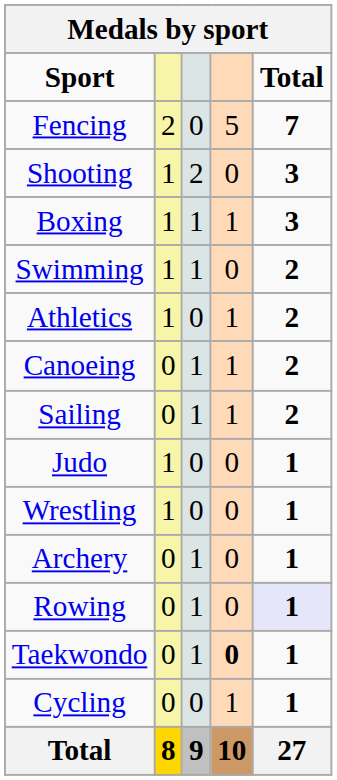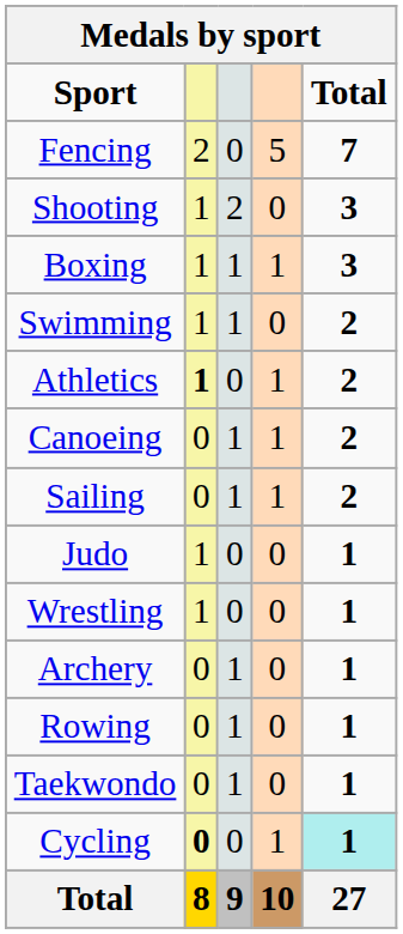 <table class="wikitable" style="font-size:95%">
 <tr style="background:#efefef;">
 <th colspan=7>Medals by sport</th>
 </tr>
 <tr style="text-align:center;">
 <td><strong>Sport</strong></td>
 <td bgcolor=#f7f6a8></td>
 <td bgcolor=#dce5e5></td>
 <td bgcolor=#ffdab9></td>
 <td><strong>Total</strong></td>
 </tr>
 <tr style="text-align:center;">
 <td><a href='#'>Fencing</a></td>
 <td style="background:#F7F6A8;">2</td>
 <td style="background:#DCE5E5;">0</td>
 <td style="background:#FFDAB9;">5</td>
 <td><strong>7</strong></td>
 </tr>
 <tr style="text-align:center;">
 <td><a href='#'>Shooting</a></td>
 <td style="background:#F7F6A8;">1</td>
 <td style="background:#DCE5E5;">2</td>
 <td style="background:#FFDAB9;">0</td>
 <td><strong>3</strong></td>
 </tr>
 <tr style="text-align:center;">
 <td><a href='#'>Boxing</a></td>
 <td style="background:#F7F6A8;">1</td>
 <td style="background:#DCE5E5;">1</td>
 <td style="background:#FFDAB9;">1</td>
 <td><strong>3</strong></td>
 </tr>
 <tr style="text-align:center;">
 <td><a href='#'>Swimming</a></td>
 <td style="background:#F7F6A8;">1</td>
 <td style="background:#DCE5E5;">1</td>
 <td style="background:#FFDAB9;">0</td>
 <td><strong>2</strong></td>
 </tr>
 <tr style="text-align:center;">
 <td><a href='#'>Athletics</a></td>
-<td style="background:#F7F6A8;">1</td>
+<td style="background:#F7F6A8;"><strong>1</strong></td>
 <td style="background:#DCE5E5;">0</td>
 <td style="background:#FFDAB9;">1</td>
 <td><strong>2</strong></td>
 </tr>
 <tr style="text-align:center;">
 <td><a href='#'>Canoeing</a></td>
 <td style="background:#F7F6A8;">0</td>
 <td style="background:#DCE5E5;">1</td>
 <td style="background:#FFDAB9;">1</td>
 <td><strong>2</strong></td>
 </tr>
 <tr style="text-align:center;">
 <td><a href='#'>Sailing</a></td>
 <td style="background:#F7F6A8;">0</td>
 <td style="background:#DCE5E5;">1</td>
 <td style="background:#FFDAB9;">1</td>
 <td><strong>2</strong></td>
 </tr>
 <tr style="text-align:center;">
 <td><a href='#'>Judo</a></td>
 <td style="background:#F7F6A8;">1</td>
 <td style="background:#DCE5E5;">0</td>
 <td style="background:#FFDAB9;">0</td>
 <td><strong>1</strong></td>
 </tr>
 <tr style="text-align:center;">
 <td><a href='#'>Wrestling</a></td>
 <td style="background:#F7F6A8;">1</td>
 <td style="background:#DCE5E5;">0</td>
 <td style="background:#FFDAB9;">0</td>
 <td><strong>1</strong></td>
 </tr>
 <tr style="text-align:center;">
 <td><a href='#'>Archery</a></td>
 <td style="background:#F7F6A8;">0</td>
 <td style="background:#DCE5E5;">1</td>
 <td style="background:#FFDAB9;">0</td>
 <td><strong>1</strong></td>
 </tr>
 <tr style="text-align:center;">
 <td><a href='#'>Rowing</a></td>
 <td style="background:#F7F6A8;">0</td>
 <td style="background:#DCE5E5;">1</td>
 <td style="background:#FFDAB9;">0</td>
-<td style="background: lavender;"><strong>1</strong></td>
+<td><strong>1</strong></td>
 </tr>
 <tr style="text-align:center;">
 <td><a href='#'>Taekwondo</a></td>
 <td style="background:#F7F6A8;">0</td>
 <td style="background:#DCE5E5;">1</td>
-<td style="background:#FFDAB9;"><strong>0</strong></td>
+<td style="background:#FFDAB9;">0</td>
 <td><strong>1</strong></td>
 </tr>
 <tr style="text-align:center;">
 <td><a href='#'>Cycling</a></td>
-<td style="background:#F7F6A8;">0</td>
+<td style="background:#F7F6A8;"><strong>0</strong></td>
 <td style="background:#DCE5E5;">0</td>
 <td style="background:#FFDAB9;">1</td>
-<td><strong>1</strong></td>
+<td style="background: paleturquoise;"><strong>1</strong></td>
 </tr>
 <tr style="text-align:center;">
 <th>Total</th>
 <th style="background:gold;">8</th>
 <th style="background:silver;">9</th>
 <th style="background:#c96;">10</th>
 <th>27</th>
 </tr>
 </table>
